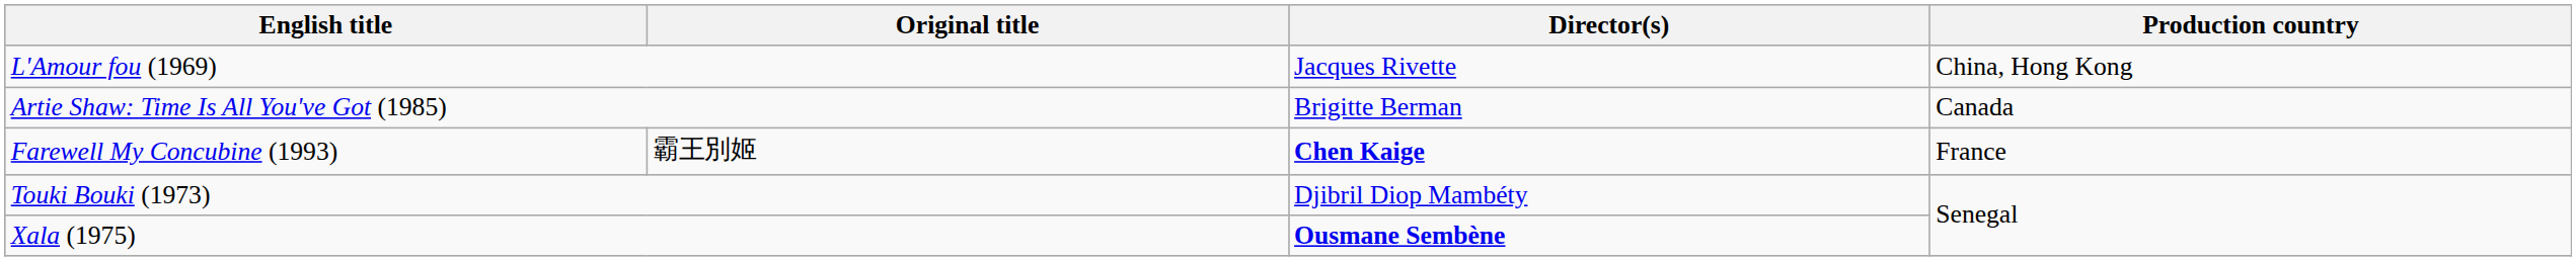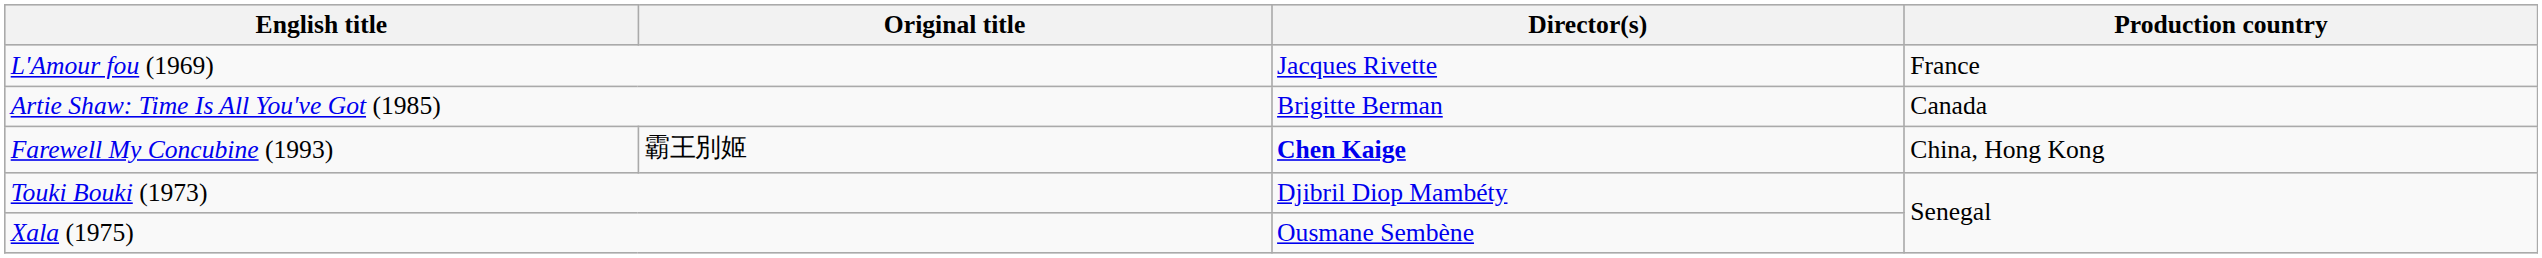 <table class="sortable wikitable" width="100%" cellpadding="5">
 <tr>
 <th scope="col" width="20%">English title</th>
 <th scope="col" width="20%">Original title</th>
 <th scope="col" width="20%">Director(s)</th>
 <th scope="col" width="20%">Production country</th>
 </tr>
 <tr>
 <td colspan=2><em><a href='#'>L'Amour fou</a></em> (1969)</td>
 <td><a href='#'>Jacques Rivette</a></td>
-<td>China, Hong Kong</td>
+<td>France</td>
 </tr>
 <tr>
 <td colspan=2><em><a href='#'>Artie Shaw: Time Is All You've Got</a></em> (1985)</td>
 <td><a href='#'>Brigitte Berman</a></td>
 <td>Canada</td>
 </tr>
 <tr>
 <td><em><a href='#'>Farewell My Concubine</a></em> (1993)</td>
 <td>霸王別姬</td>
 <td><strong><a href='#'>Chen Kaige</a></strong></td>
-<td>France</td>
+<td>China, Hong Kong</td>
 </tr>
 <tr>
 <td colspan=2><em><a href='#'>Touki Bouki</a></em> (1973)</td>
 <td><a href='#'>Djibril Diop Mambéty</a></td>
 <td rowspan="2">Senegal</td>
 </tr>
 <tr>
 <td colspan=2><em><a href='#'>Xala</a></em> (1975)</td>
-<td><strong><a href='#'>Ousmane Sembène</a></strong></td>
+<td><a href='#'>Ousmane Sembène</a></td>
 </tr>
 </table>
